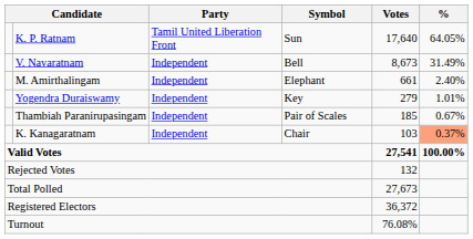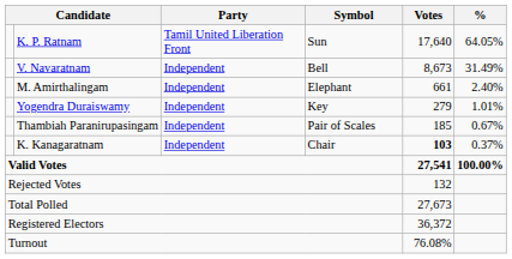 <table class="wikitable" border="1" style="text-align:right;">
 <tr>
 <th align=left colspan=2 width="180">Candidate</th>
 <th align=left width="180">Party</th>
 <th align=left width="120">Symbol</th>
 <th align=left width="60">Votes</th>
 <th align=left width="60">%</th>
 </tr>
 <tr>
 <td bgcolor=> </td>
 <td align=left><a href='#'>K. P. Ratnam</a></td>
 <td align=left><a href='#'>Tamil United Liberation Front</a></td>
 <td align=left>Sun</td>
 <td>17,640</td>
 <td>64.05%</td>
 </tr>
 <tr>
 <td></td>
 <td align=left><a href='#'>V. Navaratnam</a></td>
 <td align=left><a href='#'>Independent</a></td>
 <td align=left>Bell</td>
 <td>8,673</td>
 <td>31.49%</td>
 </tr>
 <tr>
 <td></td>
 <td align=left>M. Amirthalingam</td>
 <td align=left><a href='#'>Independent</a></td>
 <td align=left>Elephant</td>
 <td>661</td>
 <td>2.40%</td>
 </tr>
 <tr>
 <td></td>
 <td align=left><a href='#'>Yogendra Duraiswamy</a></td>
 <td align=left><a href='#'>Independent</a></td>
 <td align=left>Key</td>
 <td>279</td>
 <td>1.01%</td>
 </tr>
 <tr>
 <td></td>
 <td align=left>Thambiah Paranirupasingam</td>
 <td align=left><a href='#'>Independent</a></td>
 <td align=left>Pair of Scales</td>
 <td>185</td>
 <td>0.67%</td>
 </tr>
 <tr>
 <td></td>
 <td align=left>K. Kanagaratnam</td>
 <td align=left><a href='#'>Independent</a></td>
 <td align=left>Chair</td>
-<td>103</td>
-<td style="background: lightsalmon;">0.37%</td>
+<td><strong>103</strong></td>
+<td>0.37%</td>
 </tr>
 <tr>
 <td align=left colspan=4><strong>Valid Votes</strong></td>
 <td><strong>27,541</strong></td>
 <td><strong>100.00%</strong></td>
 </tr>
 <tr>
 <td align=left colspan=4>Rejected Votes</td>
 <td>132</td>
 <td></td>
 </tr>
 <tr>
 <td align=left colspan=4>Total Polled</td>
 <td>27,673</td>
 <td></td>
 </tr>
 <tr>
 <td align=left colspan=4>Registered Electors</td>
 <td>36,372</td>
 <td></td>
 </tr>
 <tr>
 <td align=left colspan=4>Turnout</td>
 <td>76.08%</td>
 </tr>
 </table>
